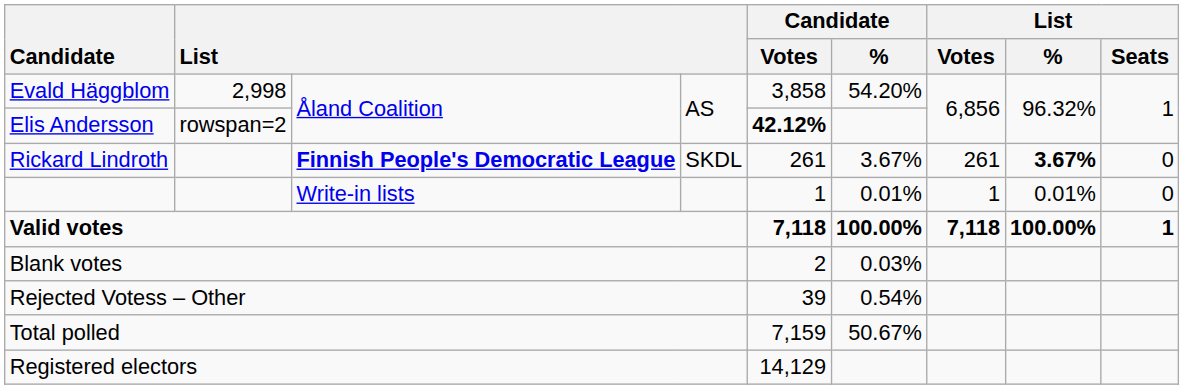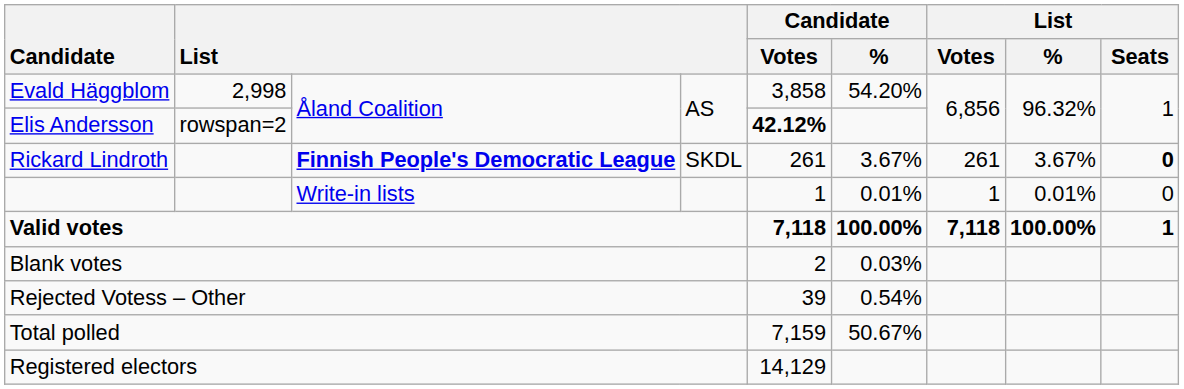 <table class="wikitable" border="1" style="text-align:right;">
 <tr>
 <th ! style="text-align:left;" valign=bottom rowspan=2>Candidate</th>
 <th style="text-align:left;" valign=bottom rowspan=2 colspan=3>List</th>
 <th colspan=2>Candidate</th>
 <th colspan=3>List</th>
 </tr>
 <tr>
 <th align=center valign=bottom width="50">Votes</th>
 <th align=center valign=bottom width="50">%</th>
 <th align=center valign=bottom width="50">Votes</th>
 <th align=center valign=bottom width="50">%</th>
 <th align=center valign=bottom width="50">Seats</th>
 </tr>
 <tr>
 <td align=left><a href='#'>Evald Häggblom</a></td>
 <td>2,998</td>
 <td rowspan=2 align=left><a href='#'>Åland Coalition</a></td>
 <td rowspan=2 align=left>AS</td>
 <td>3,858</td>
 <td>54.20%</td>
 <td rowspan=2>6,856</td>
 <td rowspan=2>96.32%</td>
 <td rowspan=2>1</td>
 </tr>
 <tr>
 <td align=left><a href='#'>Elis Andersson</a></td>
 <td>rowspan=2 </td>
 <td><strong>42.12%</strong></td>
 </tr>
 <tr>
 <td align=left><a href='#'>Rickard Lindroth</a></td>
 <td></td>
 <td align=left><strong><a href='#'>Finnish People's Democratic League</a></strong></td>
 <td align=left>SKDL</td>
 <td>261</td>
 <td>3.67%</td>
 <td>261</td>
-<td><strong>3.67%</strong></td>
-<td>0</td>
+<td>3.67%</td>
+<td><strong>0</strong></td>
 </tr>
 <tr>
 <td align=left></td>
 <td></td>
 <td align=left><a href='#'>Write-in lists</a></td>
 <td align=left></td>
 <td>1</td>
 <td>0.01%</td>
 <td>1</td>
 <td>0.01%</td>
 <td>0</td>
 </tr>
 <tr style="font-weight:bold">
 <td align=left colspan=4>Valid votes</td>
 <td>7,118</td>
 <td>100.00%</td>
 <td>7,118</td>
 <td>100.00%</td>
 <td>1</td>
 </tr>
 <tr>
 <td align=left colspan=4>Blank votes</td>
 <td>2</td>
 <td>0.03%</td>
 <td></td>
 <td></td>
 <td></td>
 </tr>
 <tr>
 <td align=left colspan=4>Rejected Votess – Other</td>
 <td>39</td>
 <td>0.54%</td>
 <td></td>
 <td></td>
 <td></td>
 </tr>
 <tr>
 <td align=left colspan=4>Total polled</td>
 <td>7,159</td>
 <td>50.67%</td>
 <td></td>
 <td></td>
 <td></td>
 </tr>
 <tr>
 <td align=left colspan=4>Registered electors</td>
 <td>14,129</td>
 <td></td>
 <td></td>
 <td></td>
 <td></td>
 </tr>
 </table>
